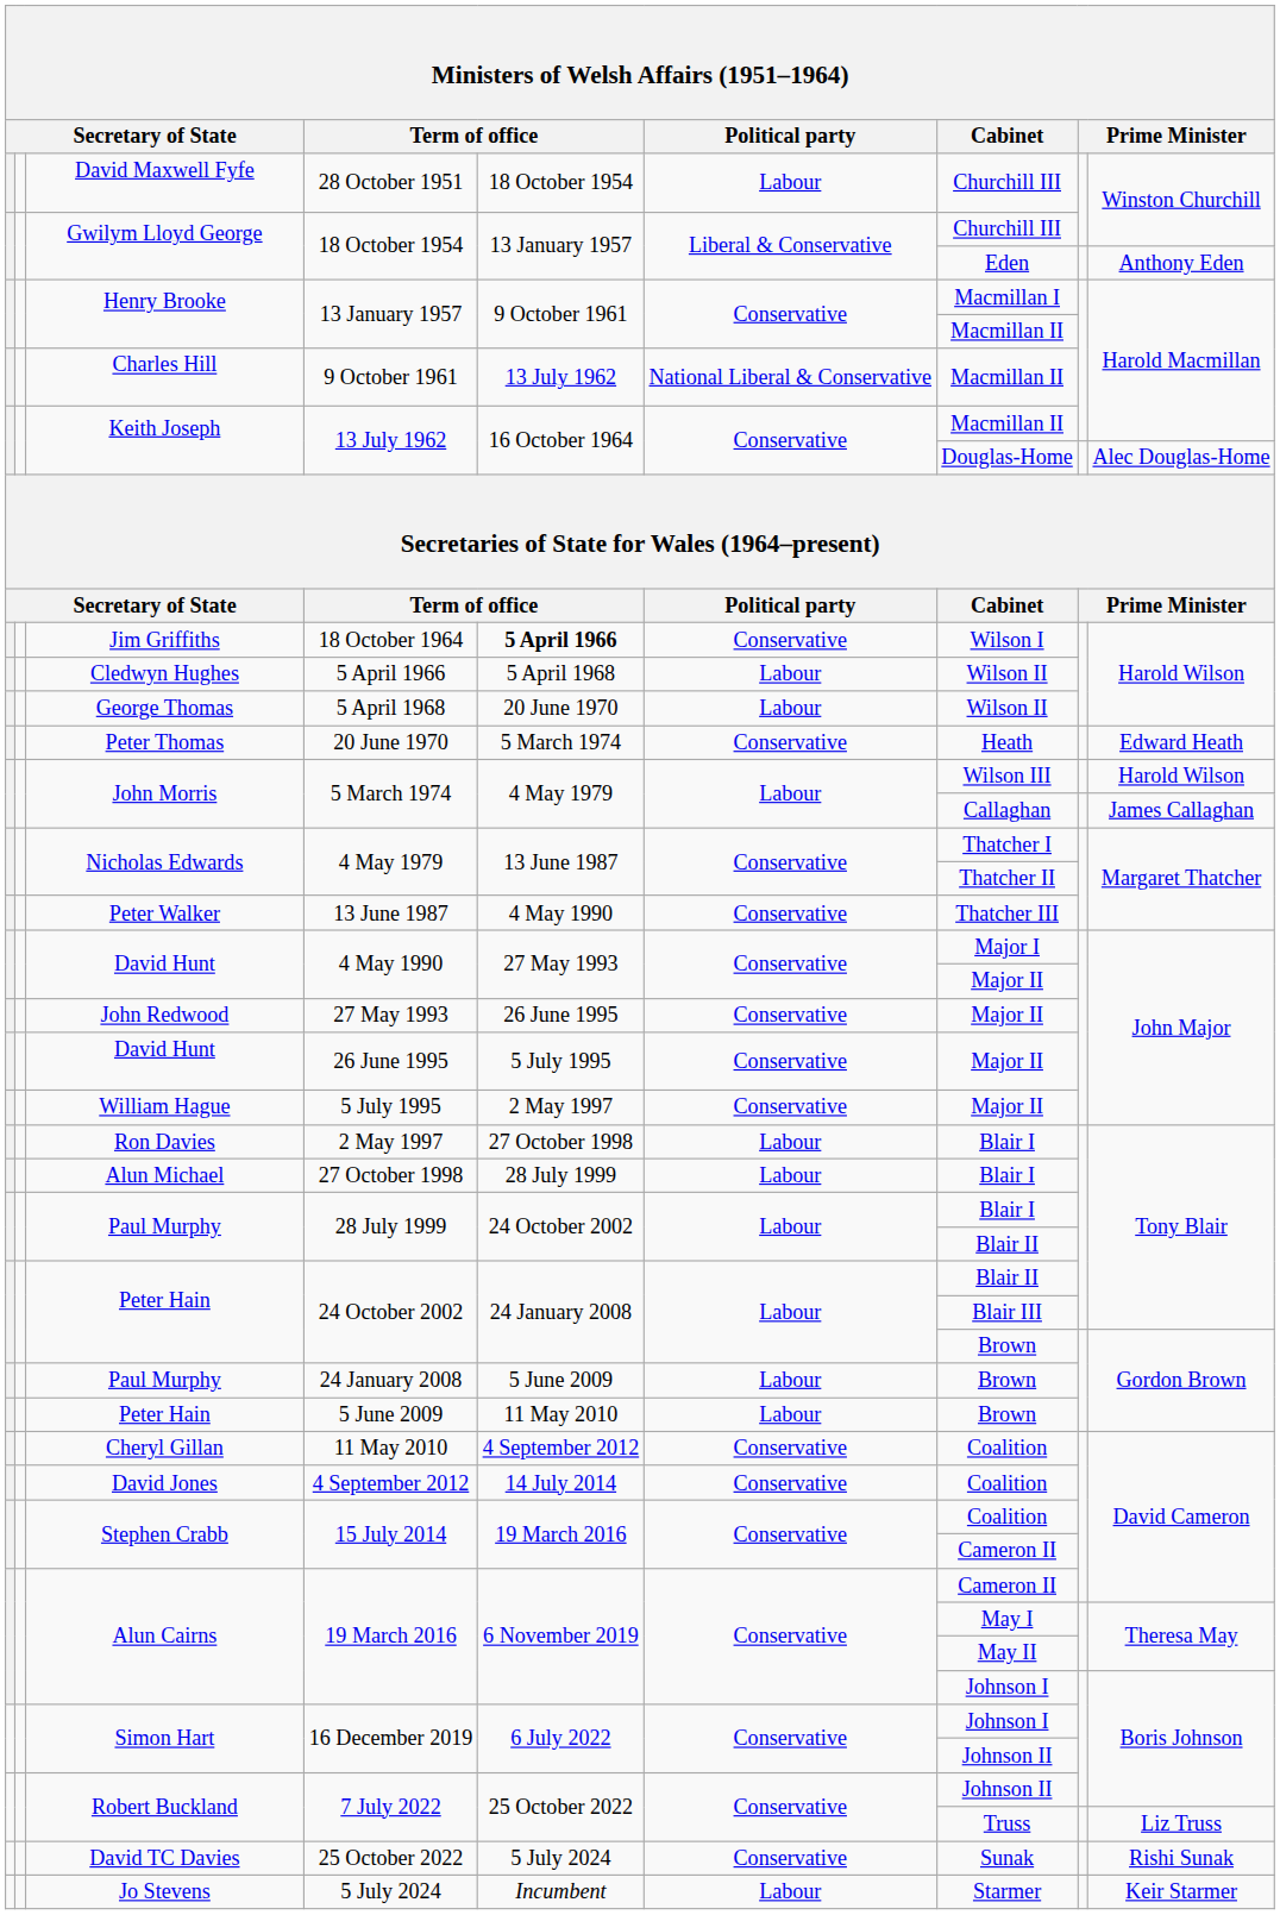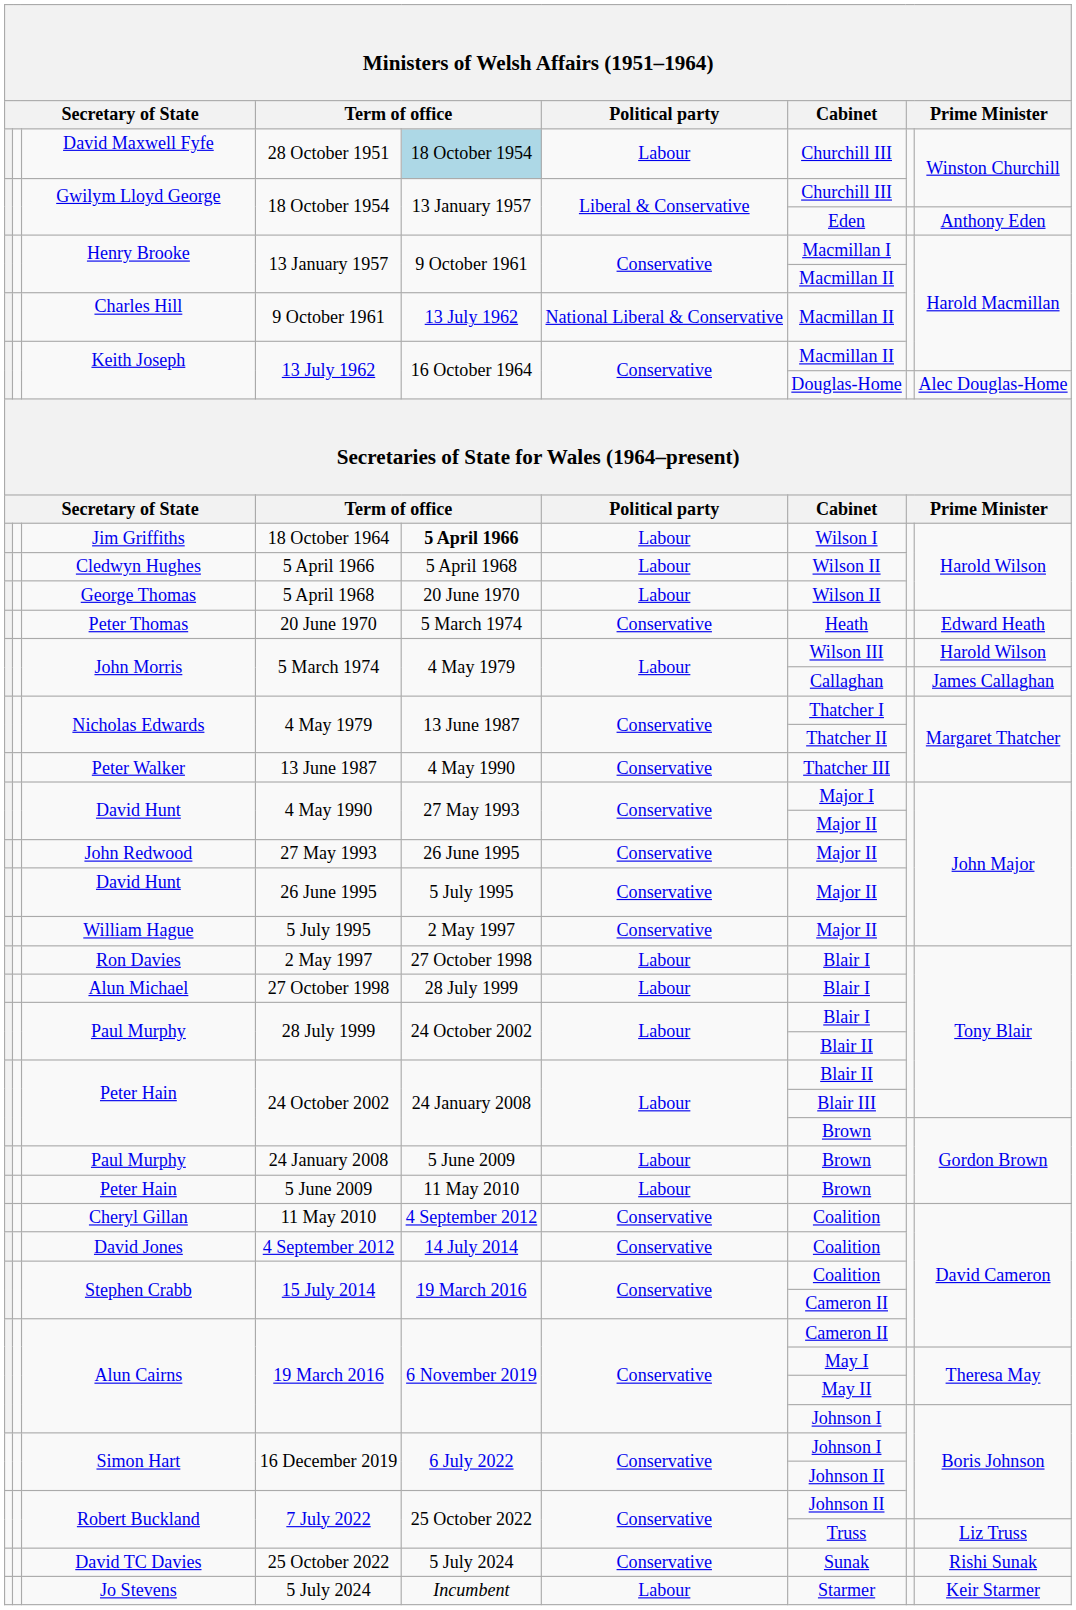 <table class="wikitable" style="text-align:center">
 <tr>
 <th colspan=10><br><h3>Ministers of Welsh Affairs (1951–1964)</h3></th>
 </tr>
 <tr style="height:1em">
 <th colspan=3>Secretary of State</th>
 <th colspan=2>Term of office</th>
 <th>Political party</th>
 <th>Cabinet</th>
 <th colspan=2>Prime Minister</th>
 </tr>
 <tr style="height:1em">
 <th style="background-color:"></th>
 <td></td>
 <td width=200><a href='#'>David Maxwell Fyfe</a><br><br></td>
 <td>28 October 1951</td>
-<td>18 October 1954</td>
+<td style="background: lightblue;">18 October 1954</td>
 <td><a href='#'>Labour</a></td>
 <td><a href='#'>Churchill III</a></td>
 <td rowspan=2 style="background-color:"></td>
 <td rowspan=2><a href='#'>Winston Churchill</a></td>
 </tr>
 <tr style="height:1em">
 <th rowspan=2 style="background-color:"></th>
 <td rowspan=2></td>
 <td rowspan=2><a href='#'>Gwilym Lloyd George</a><br><br></td>
 <td rowspan=2>18 October 1954</td>
 <td rowspan=2>13 January 1957</td>
 <td rowspan=2><a href='#'>Liberal & Conservative</a></td>
 <td><a href='#'>Churchill III</a></td>
 </tr>
 <tr>
 <td><a href='#'>Eden</a></td>
 <td style="background-color:"></td>
 <td><a href='#'>Anthony Eden</a></td>
 </tr>
 <tr style="height:1em">
 <th rowspan=2 style="background-color:"></th>
 <td rowspan=2></td>
 <td rowspan=2><a href='#'>Henry Brooke</a><br><br></td>
 <td rowspan=2>13 January 1957</td>
 <td rowspan=2>9 October 1961</td>
 <td rowspan=2><a href='#'>Conservative</a></td>
 <td><a href='#'>Macmillan I</a></td>
 <td rowspan=4 style="background-color:"></td>
 <td rowspan=4><a href='#'>Harold Macmillan</a></td>
 </tr>
 <tr>
 <td><a href='#'>Macmillan II</a></td>
 </tr>
 <tr style="height:1em">
 <th style="background-color:"></th>
 <td></td>
 <td><a href='#'>Charles Hill</a><br><br></td>
 <td>9 October 1961</td>
 <td><a href='#'>13 July 1962</a></td>
 <td><a href='#'>National Liberal & Conservative</a></td>
 <td><a href='#'>Macmillan II</a></td>
 </tr>
 <tr style="height:1em">
 <th rowspan=2 style="background-color:"></th>
 <td rowspan=2></td>
 <td rowspan=2><a href='#'>Keith Joseph</a><br><br></td>
 <td rowspan=2><a href='#'>13 July 1962</a></td>
 <td rowspan=2>16 October 1964</td>
 <td rowspan=2><a href='#'>Conservative</a></td>
 <td><a href='#'>Macmillan II</a></td>
 </tr>
 <tr>
 <td><a href='#'>Douglas-Home</a></td>
 <td style="background-color:"></td>
 <td><a href='#'>Alec Douglas-Home</a></td>
 </tr>
 <tr>
 <th colspan=10><br><h3>Secretaries of State for Wales (1964–present)</h3></th>
 </tr>
 <tr style="height:1em">
 <th colspan=3>Secretary of State</th>
 <th colspan=2>Term of office</th>
 <th>Political party</th>
 <th>Cabinet</th>
 <th colspan=2>Prime Minister</th>
 </tr>
 <tr style="height:1em">
 <th style="background-color:"></th>
 <td></td>
 <td><a href='#'>Jim Griffiths</a><br></td>
 <td>18 October 1964</td>
 <td><strong>5 April 1966</strong></td>
-<td><a href='#'>Conservative</a></td>
+<td><a href='#'>Labour</a></td>
 <td><a href='#'>Wilson I</a></td>
 <td rowspan=3 style="background-color:"></td>
 <td rowspan=3><a href='#'>Harold Wilson</a></td>
 </tr>
 <tr style="height:1em">
 <th style="background-color:"></th>
 <td></td>
 <td><a href='#'>Cledwyn Hughes</a><br></td>
 <td>5 April 1966</td>
 <td>5 April 1968</td>
 <td><a href='#'>Labour</a></td>
 <td><a href='#'>Wilson II</a></td>
 </tr>
 <tr style="height:1em">
 <th style="background-color:"></th>
 <td></td>
 <td><a href='#'>George Thomas</a><br></td>
 <td>5 April 1968</td>
 <td>20 June 1970</td>
 <td><a href='#'>Labour</a></td>
 <td><a href='#'>Wilson II</a></td>
 </tr>
 <tr style="height:1em">
 <th style="background-color:"></th>
 <td></td>
 <td><a href='#'>Peter Thomas</a><br></td>
 <td>20 June 1970</td>
 <td>5 March 1974</td>
 <td><a href='#'>Conservative</a></td>
 <td><a href='#'>Heath</a></td>
 <td style="background-color:"></td>
 <td><a href='#'>Edward Heath</a></td>
 </tr>
 <tr style="height:1em">
 <th rowspan=2 style="background-color:"></th>
 <td rowspan=2></td>
 <td rowspan=2><a href='#'>John Morris</a><br></td>
 <td rowspan=2>5 March 1974</td>
 <td rowspan=2>4 May 1979</td>
 <td rowspan=2><a href='#'>Labour</a></td>
 <td><a href='#'>Wilson III</a></td>
 <td style="background-color:"></td>
 <td><a href='#'>Harold Wilson</a></td>
 </tr>
 <tr>
 <td><a href='#'>Callaghan</a></td>
 <td style="background-color:"></td>
 <td><a href='#'>James Callaghan</a></td>
 </tr>
 <tr style="height:1em">
 <th rowspan=2 style="background-color:"></th>
 <td rowspan=2></td>
 <td rowspan=2><a href='#'>Nicholas Edwards</a><br></td>
 <td rowspan=2>4 May 1979</td>
 <td rowspan=2>13 June 1987</td>
 <td rowspan=2><a href='#'>Conservative</a></td>
 <td><a href='#'>Thatcher I</a></td>
 <td rowspan=3 style="background-color:"></td>
 <td rowspan=3><a href='#'>Margaret Thatcher</a></td>
 </tr>
 <tr>
 <td><a href='#'>Thatcher II</a></td>
 </tr>
 <tr style="height:1em">
 <th style="background-color:"></th>
 <td></td>
 <td><a href='#'>Peter Walker</a><br></td>
 <td>13 June 1987</td>
 <td>4 May 1990</td>
 <td><a href='#'>Conservative</a></td>
 <td><a href='#'>Thatcher III</a></td>
 </tr>
 <tr style="height:1em">
 <th rowspan=2 style="background-color:"></th>
 <td rowspan=2></td>
 <td rowspan=2><a href='#'>David Hunt</a><br></td>
 <td rowspan=2>4 May 1990</td>
 <td rowspan=2>27 May 1993</td>
 <td rowspan=2><a href='#'>Conservative</a></td>
 <td><a href='#'>Major I</a></td>
 <td rowspan=5 style="background-color:"></td>
 <td rowspan=5><a href='#'>John Major</a></td>
 </tr>
 <tr>
 <td><a href='#'>Major II</a></td>
 </tr>
 <tr style="height:1em">
 <th style="background-color:"></th>
 <td></td>
 <td><a href='#'>John Redwood</a><br></td>
 <td>27 May 1993</td>
 <td>26 June 1995</td>
 <td><a href='#'>Conservative</a></td>
 <td><a href='#'>Major II</a></td>
 </tr>
 <tr style="height:1em">
 <th style="background-color:"></th>
 <td></td>
 <td><a href='#'>David Hunt</a><br><br></td>
 <td>26 June 1995</td>
 <td>5 July 1995</td>
 <td><a href='#'>Conservative</a></td>
 <td><a href='#'>Major II</a></td>
 </tr>
 <tr style="height:1em">
 <th style="background-color:"></th>
 <td></td>
 <td><a href='#'>William Hague</a><br></td>
 <td>5 July 1995</td>
 <td>2 May 1997</td>
 <td><a href='#'>Conservative</a></td>
 <td><a href='#'>Major II</a></td>
 </tr>
 <tr style="height:1em">
 <th style="background-color:"></th>
 <td></td>
 <td><a href='#'>Ron Davies</a><br></td>
 <td>2 May 1997</td>
 <td>27 October 1998</td>
 <td><a href='#'>Labour</a></td>
 <td><a href='#'>Blair I</a></td>
 <td rowspan=6 style="background-color:"></td>
 <td rowspan=6><a href='#'>Tony Blair</a></td>
 </tr>
 <tr style="height:1em">
 <th style="background-color:"></th>
 <td></td>
 <td><a href='#'>Alun Michael</a><br></td>
 <td>27 October 1998</td>
 <td>28 July 1999</td>
 <td><a href='#'>Labour</a></td>
 <td><a href='#'>Blair I</a></td>
 </tr>
 <tr style="height:1em">
 <th rowspan=2 style="background-color:"></th>
 <td rowspan=2></td>
 <td rowspan=2><a href='#'>Paul Murphy</a><br></td>
 <td rowspan=2>28 July 1999</td>
 <td rowspan=2>24 October 2002</td>
 <td rowspan=2><a href='#'>Labour</a></td>
 <td><a href='#'>Blair I</a></td>
 </tr>
 <tr>
 <td><a href='#'>Blair II</a></td>
 </tr>
 <tr style="height:1em">
 <th rowspan=3 style="background-color:"></th>
 <td rowspan=3></td>
 <td rowspan=3><a href='#'>Peter Hain</a><br><br></td>
 <td rowspan=3>24 October 2002</td>
 <td rowspan=3>24 January 2008</td>
 <td rowspan=3><a href='#'>Labour</a></td>
 <td><a href='#'>Blair II</a></td>
 </tr>
 <tr>
 <td><a href='#'>Blair III</a></td>
 </tr>
 <tr>
 <td><a href='#'>Brown</a></td>
 <td rowspan=3 style="background-color:"></td>
 <td rowspan=3><a href='#'>Gordon Brown</a></td>
 </tr>
 <tr style="height:1em">
 <th style="background-color:"></th>
 <td></td>
 <td><a href='#'>Paul Murphy</a><br></td>
 <td>24 January 2008</td>
 <td>5 June 2009</td>
 <td><a href='#'>Labour</a></td>
 <td><a href='#'>Brown</a></td>
 </tr>
 <tr style="height:1em">
 <th style="background-color:"></th>
 <td></td>
 <td><a href='#'>Peter Hain</a><br></td>
 <td>5 June 2009</td>
 <td>11 May 2010</td>
 <td><a href='#'>Labour</a></td>
 <td><a href='#'>Brown</a></td>
 </tr>
 <tr style="height:1em">
 <th style="background-color:"></th>
 <td></td>
 <td><a href='#'>Cheryl Gillan</a><br></td>
 <td>11 May 2010</td>
 <td><a href='#'>4 September 2012</a></td>
 <td><a href='#'>Conservative</a></td>
 <td><a href='#'>Coalition</a></td>
 <td rowspan=5 style="background-color:"></td>
 <td rowspan=5><a href='#'>David Cameron</a></td>
 </tr>
 <tr style="height:1em">
 <th style="background-color:"></th>
 <td></td>
 <td><a href='#'>David Jones</a><br></td>
 <td><a href='#'>4 September 2012</a></td>
 <td><a href='#'>14 July 2014</a></td>
 <td><a href='#'>Conservative</a></td>
 <td><a href='#'>Coalition</a></td>
 </tr>
 <tr style="height:1em">
 <th rowspan=2 style="background-color:"></th>
 <td rowspan=2></td>
 <td rowspan=2><a href='#'>Stephen Crabb</a><br></td>
 <td rowspan=2><a href='#'>15 July 2014</a></td>
 <td rowspan=2><a href='#'>19 March 2016</a></td>
 <td rowspan=2><a href='#'>Conservative</a></td>
 <td><a href='#'>Coalition</a></td>
 </tr>
 <tr>
 <td><a href='#'>Cameron II</a></td>
 </tr>
 <tr style="height:1em">
 <th rowspan=4 style="background-color:"></th>
 <td rowspan=4></td>
 <td rowspan=4><a href='#'>Alun Cairns</a><br></td>
 <td rowspan=4><a href='#'>19 March 2016</a></td>
 <td rowspan=4><a href='#'>6 November 2019</a></td>
 <td rowspan=4><a href='#'>Conservative</a></td>
 <td><a href='#'>Cameron II</a></td>
 </tr>
 <tr>
 <td><a href='#'>May I</a></td>
 <td rowspan=2 style="background-color:"></td>
 <td rowspan=2><a href='#'>Theresa May</a></td>
 </tr>
 <tr>
 <td><a href='#'>May II</a></td>
 </tr>
 <tr>
 <td><a href='#'>Johnson I</a></td>
 <td rowspan=4 style="background-color:"></td>
 <td rowspan=4><a href='#'>Boris Johnson</a></td>
 </tr>
 <tr style="height:1em">
 <td rowspan=2 style="background-color:"></td>
 <td rowspan=2></td>
 <td rowspan=2><a href='#'>Simon Hart</a><br></td>
 <td rowspan=2>16 December 2019</td>
 <td rowspan=2><a href='#'>6 July 2022</a></td>
 <td rowspan=2><a href='#'>Conservative</a></td>
 <td><a href='#'>Johnson I</a></td>
 </tr>
 <tr>
 <td><a href='#'>Johnson II</a></td>
 </tr>
 <tr style="height:1em">
 <td rowspan=2 style="background-color:"></td>
 <td rowspan=2></td>
 <td rowspan=2><a href='#'>Robert Buckland</a><br></td>
 <td rowspan=2><a href='#'>7 July 2022</a></td>
 <td rowspan=2>25 October 2022</td>
 <td rowspan=2><a href='#'>Conservative</a></td>
 <td><a href='#'>Johnson II</a></td>
 </tr>
 <tr>
 <td><a href='#'>Truss</a></td>
 <td style="background-color:"></td>
 <td><a href='#'>Liz Truss</a></td>
 </tr>
 <tr style="height:1em">
 <td style="background-color:"></td>
 <td></td>
 <td><a href='#'>David TC Davies</a><br></td>
 <td>25 October 2022</td>
 <td>5 July 2024</td>
 <td><a href='#'>Conservative</a></td>
 <td><a href='#'>Sunak</a></td>
 <td style="background-color:"></td>
 <td><a href='#'>Rishi Sunak</a></td>
 </tr>
 <tr style="height:1em">
 <td style="background-color:"></td>
 <td></td>
 <td><a href='#'>Jo Stevens</a><br></td>
 <td>5 July 2024</td>
 <td><em>Incumbent</em></td>
 <td><a href='#'>Labour</a></td>
 <td><a href='#'>Starmer</a></td>
 <td style="background-color:"></td>
 <td><a href='#'>Keir Starmer</a></td>
 </tr>
 </table>
